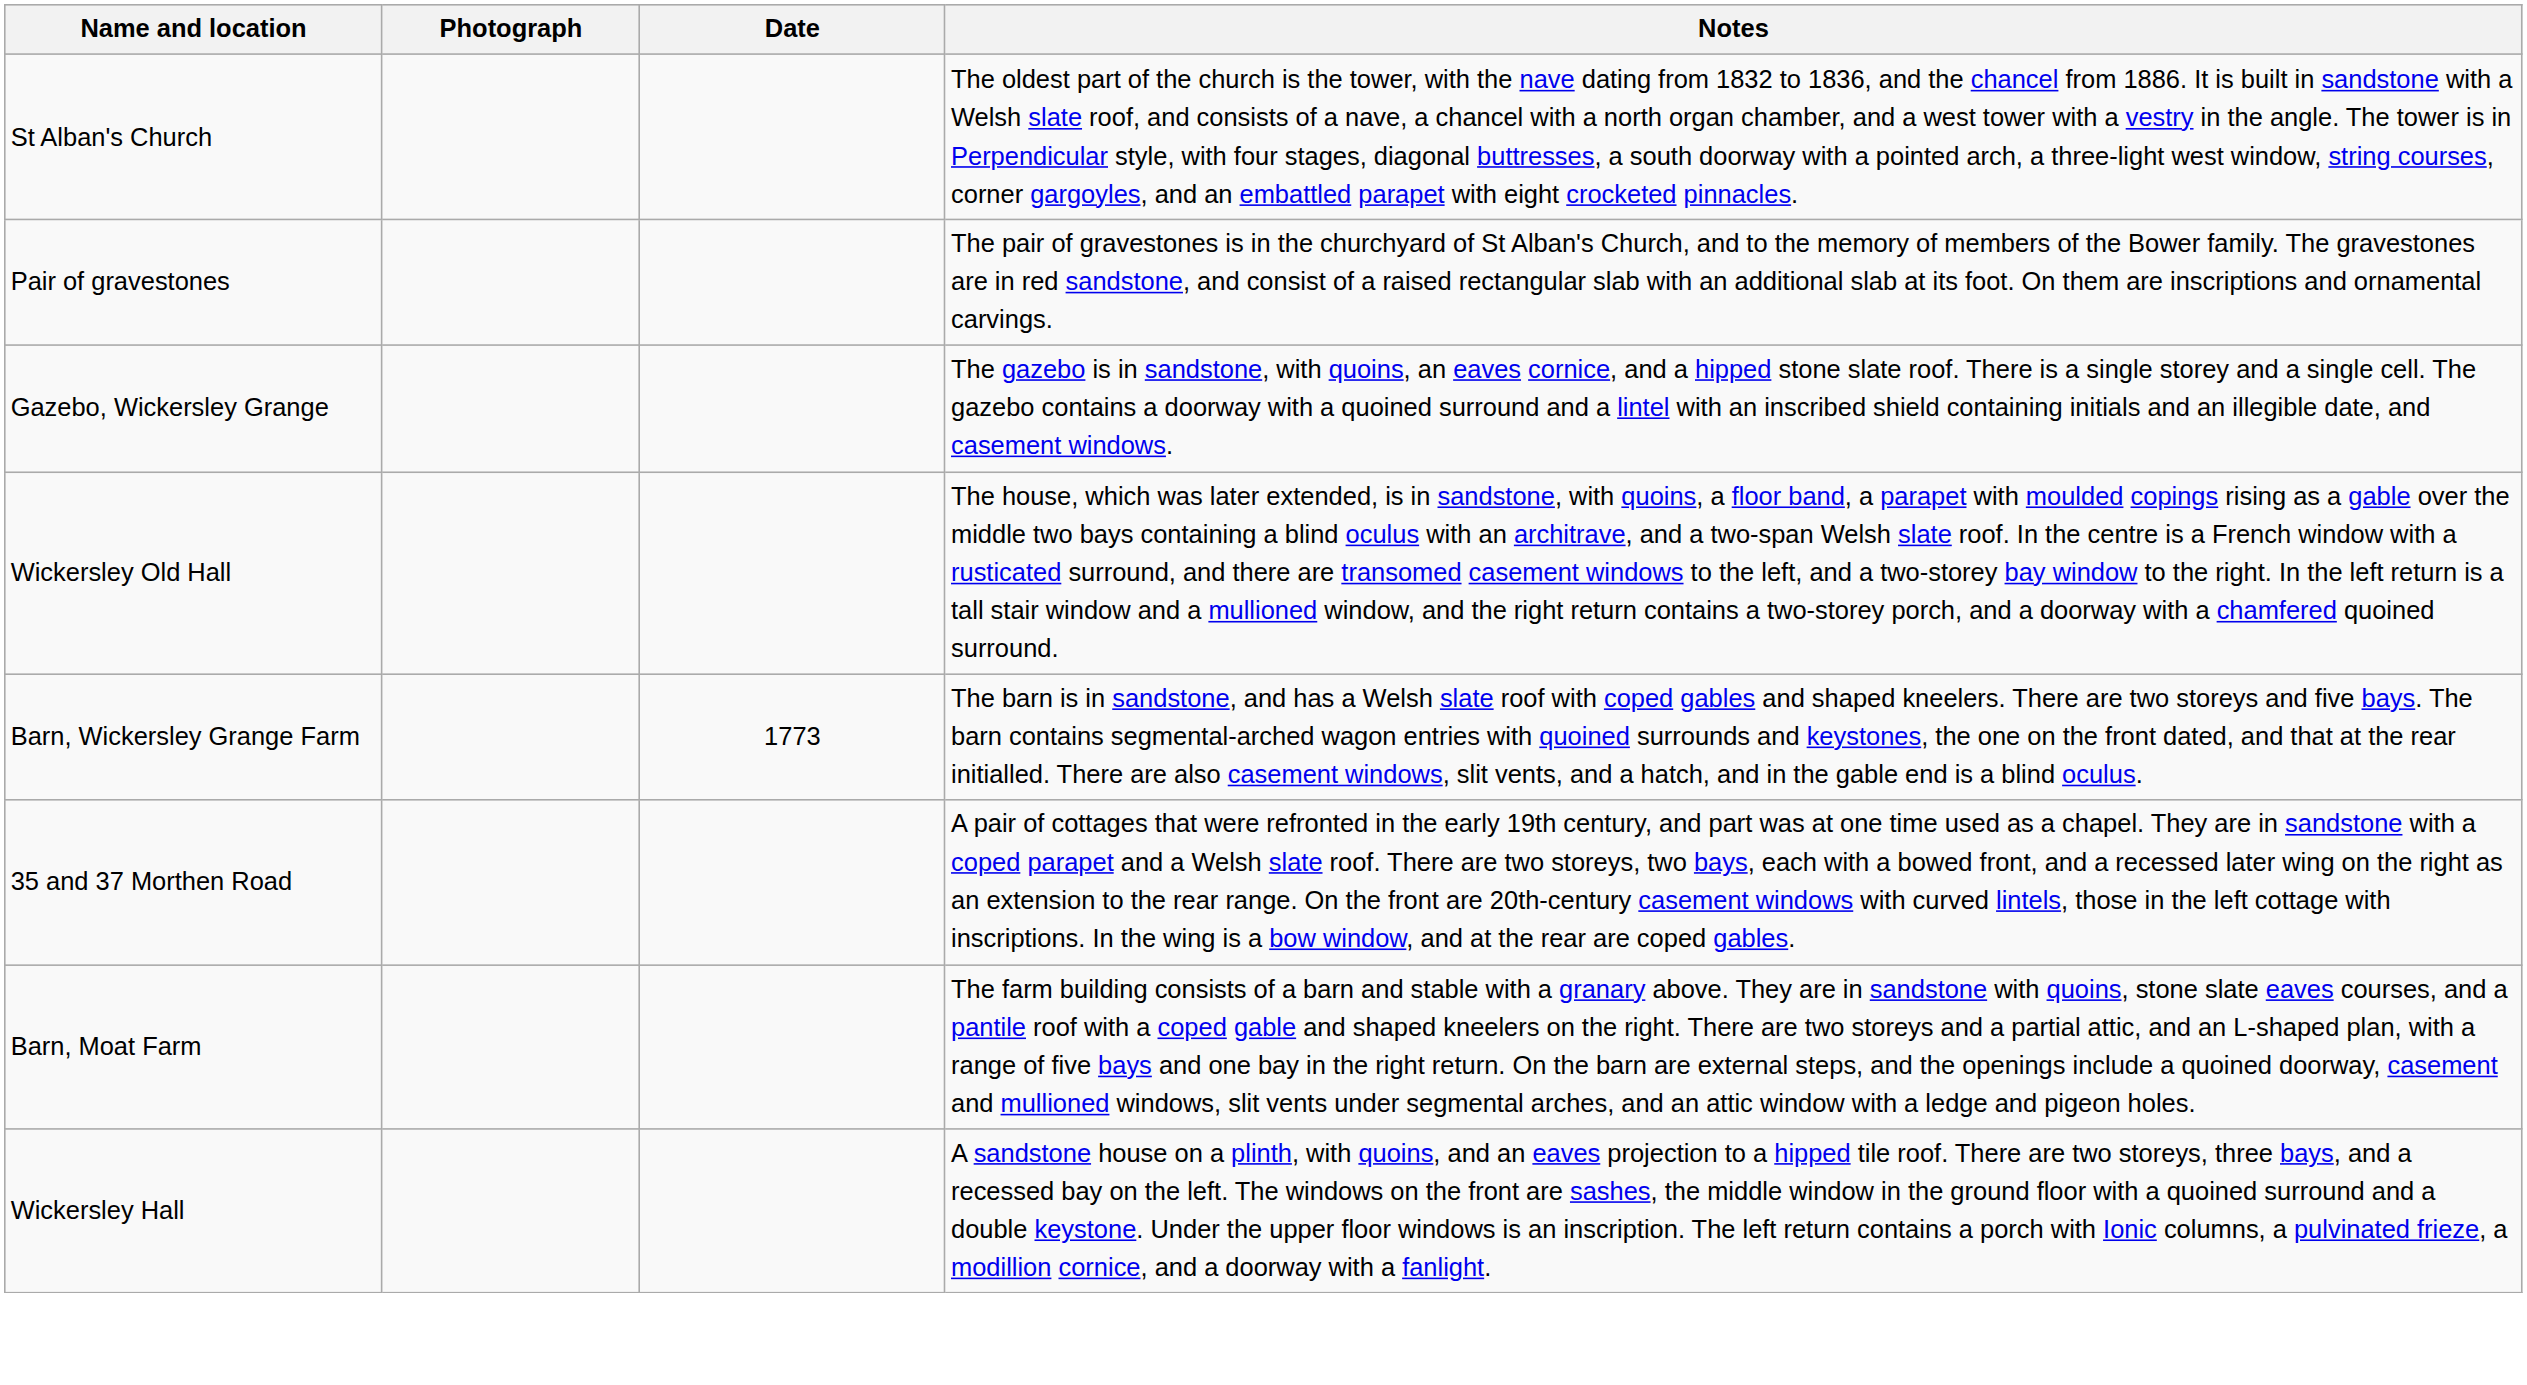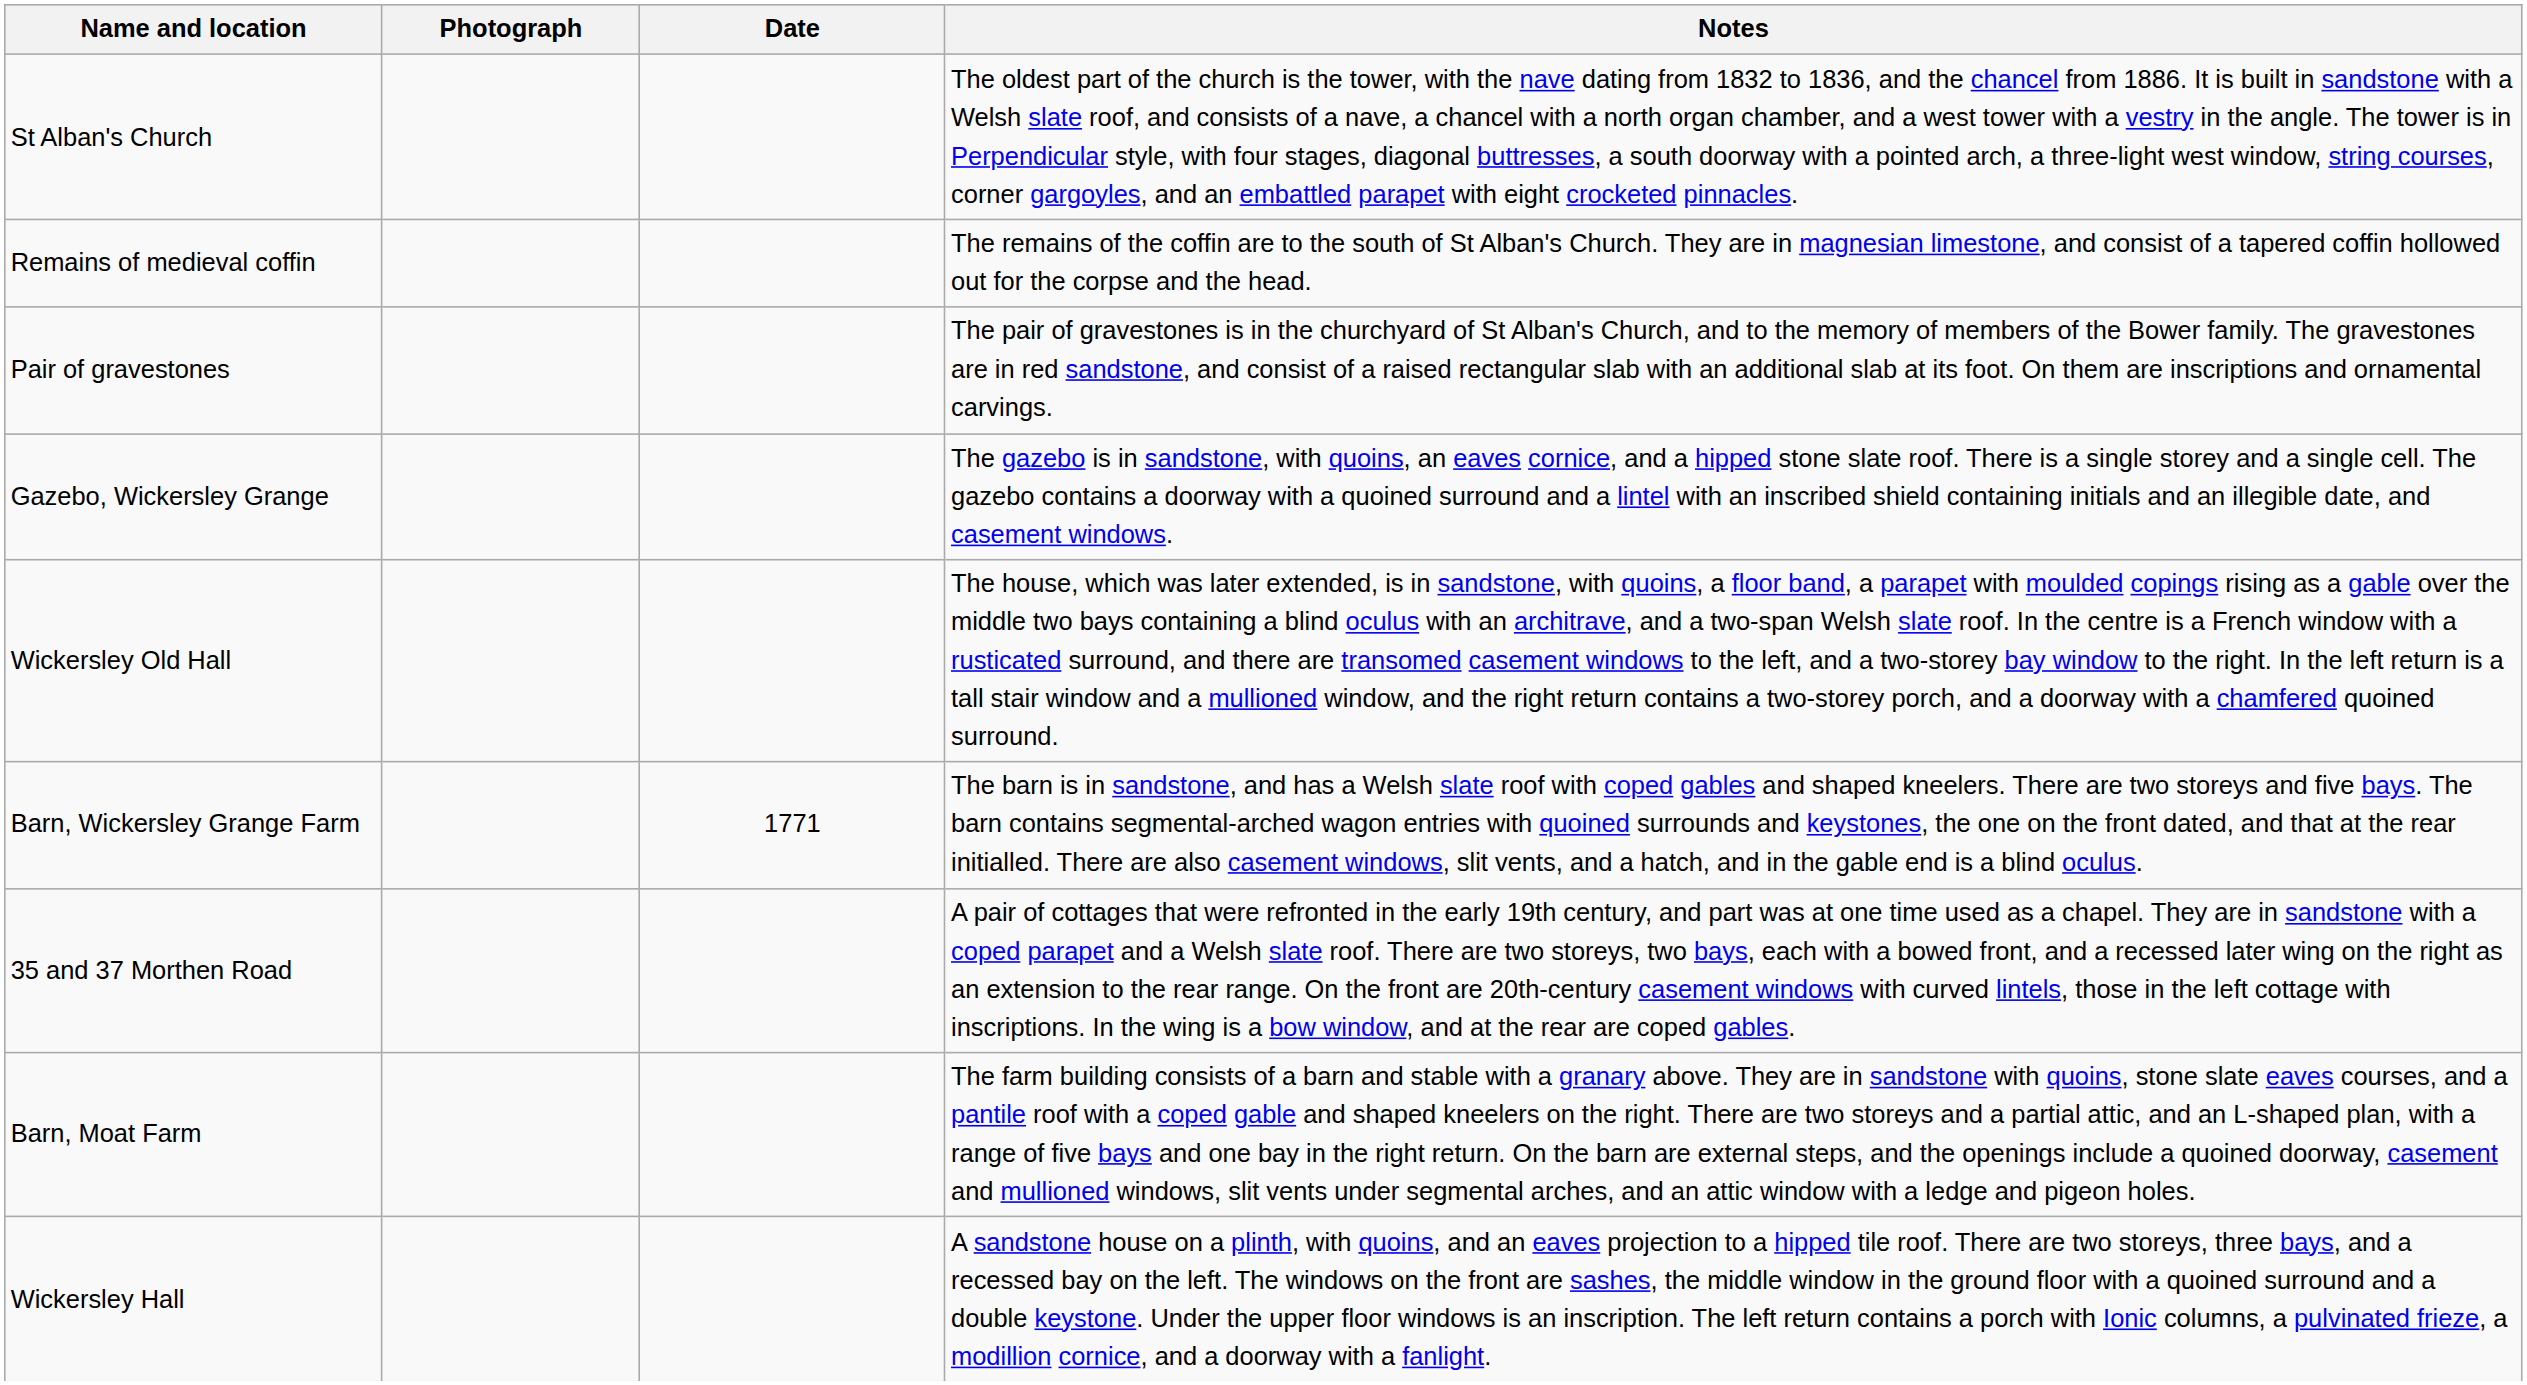 <table class="wikitable sortable plainrowheaders" style="width:100%;border:0px;text-align:left;line-height:150%;">
 <tr>
 <th scope="col"  style="width:150px">Name and location</th>
 <th scope="col"  style="width:100px" class="unsortable">Photograph</th>
 <th scope="col"  style="width:120px">Date</th>
 <th scope="col"  style="width:650px" class="unsortable">Notes</th>
 </tr>
 <tr>
 <td>St Alban's Church<br><small></small></td>
 <td></td>
 <td align="center"></td>
 <td>The oldest part of the church is the tower, with the <a href='#'>nave</a> dating from 1832 to 1836, and the <a href='#'>chancel</a> from 1886.  It is built in <a href='#'>sandstone</a> with a Welsh <a href='#'>slate</a> roof, and consists of a nave, a chancel with a north organ chamber, and a west tower with a <a href='#'>vestry</a> in the angle.  The tower is in <a href='#'>Perpendicular</a> style, with four stages, diagonal <a href='#'>buttresses</a>, a south doorway with a pointed arch, a three-light west window, <a href='#'>string courses</a>, corner <a href='#'>gargoyles</a>, and an <a href='#'>embattled</a> <a href='#'>parapet</a> with eight <a href='#'>crocketed</a> <a href='#'>pinnacles</a>.</td>
+</tr>
+<tr>
+<td>Remains of medieval coffin<br><small></small></td>
+<td></td>
+<td align="center"></td>
+<td>The remains of the coffin are to the south of St Alban's Church.  They are in <a href='#'>magnesian limestone</a>, and consist of a tapered coffin hollowed out for the corpse and the head.</td>
 </tr>
 <tr>
 <td>Pair of gravestones<br><small></small></td>
 <td></td>
 <td align="center"></td>
 <td>The pair of gravestones is in the churchyard of St Alban's Church, and to the memory of members of the Bower family.  The gravestones are in red <a href='#'>sandstone</a>, and consist of a raised rectangular slab with an additional slab at its foot.  On them are inscriptions and ornamental carvings.</td>
 </tr>
 <tr>
 <td>Gazebo, Wickersley Grange<br><small></small></td>
 <td></td>
 <td align="center"></td>
 <td>The <a href='#'>gazebo</a> is in <a href='#'>sandstone</a>, with <a href='#'>quoins</a>, an <a href='#'>eaves</a> <a href='#'>cornice</a>, and a <a href='#'>hipped</a> stone slate roof.  There is a single storey and a single cell.  The gazebo contains a doorway with a quoined surround and a <a href='#'>lintel</a> with an inscribed shield containing initials and an illegible date, and <a href='#'>casement windows</a>.</td>
 </tr>
 <tr>
 <td>Wickersley Old Hall<br><small></small></td>
 <td></td>
 <td align="center"></td>
 <td>The house, which was later extended, is in <a href='#'>sandstone</a>, with <a href='#'>quoins</a>, a <a href='#'>floor band</a>, a <a href='#'>parapet</a> with <a href='#'>moulded</a> <a href='#'>copings</a> rising as a <a href='#'>gable</a> over the middle two bays containing a blind <a href='#'>oculus</a> with an <a href='#'>architrave</a>, and a two-span Welsh <a href='#'>slate</a> roof.  In the centre is a French window with a <a href='#'>rusticated</a> surround, and there are <a href='#'>transomed</a> <a href='#'>casement windows</a> to the left, and a two-storey <a href='#'>bay window</a> to the right.  In the left return is a tall stair window and a <a href='#'>mullioned</a> window, and the right return contains a two-storey porch, and a doorway with a <a href='#'>chamfered</a> quoined surround.</td>
 </tr>
 <tr>
 <td>Barn, Wickersley Grange Farm<br><small></small></td>
 <td></td>
-<td align="center">1773</td>
+<td align="center">1771</td>
 <td>The barn is in <a href='#'>sandstone</a>, and has a Welsh <a href='#'>slate</a> roof with <a href='#'>coped</a> <a href='#'>gables</a> and shaped kneelers.  There are two storeys and five <a href='#'>bays</a>. The barn contains segmental-arched wagon entries with <a href='#'>quoined</a> surrounds and <a href='#'>keystones</a>, the one on the front dated, and that at the rear initialled.  There are also <a href='#'>casement windows</a>, slit vents, and a hatch, and in the gable end is a blind <a href='#'>oculus</a>.</td>
 </tr>
 <tr>
 <td>35 and 37 Morthen Road<br><small></small></td>
 <td></td>
 <td align="center"></td>
 <td>A pair of cottages that were refronted in the early 19th century, and part was at one time used as a chapel.  They are in <a href='#'>sandstone</a> with a <a href='#'>coped</a> <a href='#'>parapet</a> and a Welsh <a href='#'>slate</a> roof.  There are two storeys, two <a href='#'>bays</a>, each with a bowed front, and a recessed later wing on the right as an extension to the rear range.  On the front are 20th-century <a href='#'>casement windows</a> with curved <a href='#'>lintels</a>, those in the left cottage with inscriptions.  In the wing is a <a href='#'>bow window</a>, and at the rear are coped <a href='#'>gables</a>.</td>
 </tr>
 <tr>
 <td>Barn, Moat Farm<br><small></small></td>
 <td></td>
 <td align="center"></td>
 <td>The farm building consists of a barn and stable with a <a href='#'>granary</a> above.  They are in <a href='#'>sandstone</a> with <a href='#'>quoins</a>, stone slate <a href='#'>eaves</a> courses, and a <a href='#'>pantile</a> roof with a <a href='#'>coped</a> <a href='#'>gable</a> and shaped kneelers on the right.  There are two storeys and a partial attic, and an L-shaped plan, with a range of five <a href='#'>bays</a> and one bay in the right return.  On the barn are external steps, and the openings include a quoined doorway, <a href='#'>casement</a> and <a href='#'>mullioned</a> windows, slit vents under segmental arches, and an attic window with a ledge and pigeon holes.</td>
 </tr>
 <tr>
 <td>Wickersley Hall<br><small></small></td>
 <td></td>
 <td align="center"></td>
 <td>A <a href='#'>sandstone</a> house on a <a href='#'>plinth</a>, with <a href='#'>quoins</a>, and an <a href='#'>eaves</a> projection to a <a href='#'>hipped</a> tile roof.  There are two storeys, three <a href='#'>bays</a>, and a recessed bay on the left.  The windows on the front are <a href='#'>sashes</a>, the middle window in the ground floor with a quoined surround and a double <a href='#'>keystone</a>.  Under the upper floor windows is an inscription.  The left return contains a porch with <a href='#'>Ionic</a> columns, a <a href='#'>pulvinated frieze</a>, a <a href='#'>modillion</a> <a href='#'>cornice</a>, and a doorway with a <a href='#'>fanlight</a>.</td>
 </tr>
 <tr>
 </tr>
 </table>
